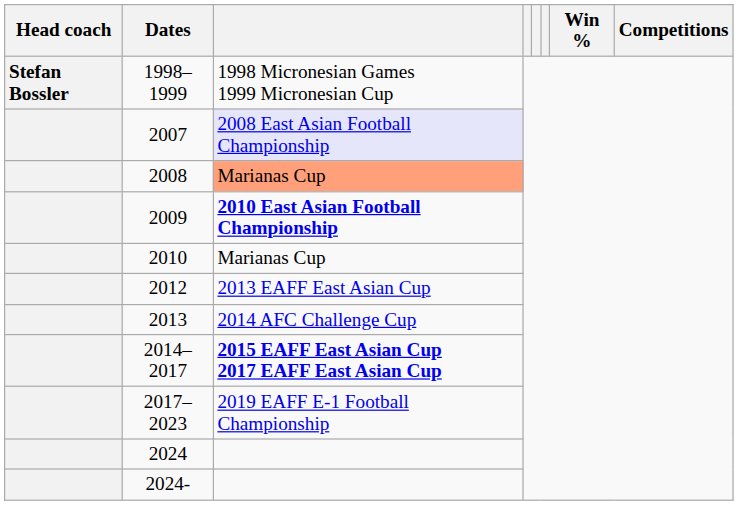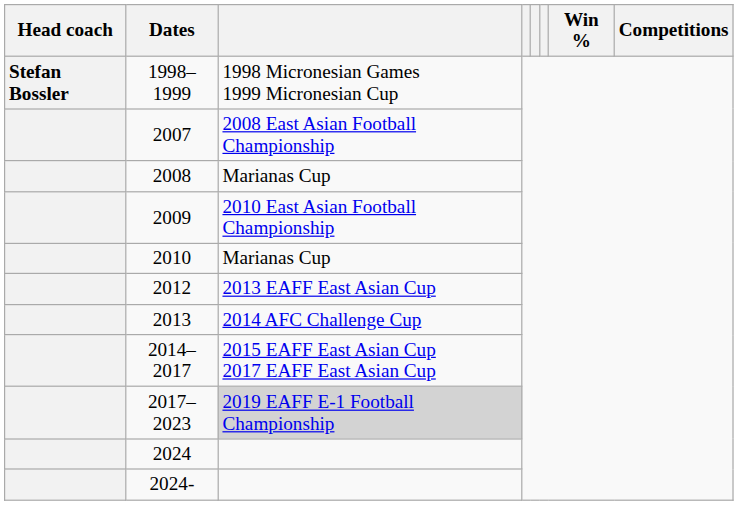 <table class="wikitable sortable plainrowheaders" style="text-align:center;">
 <tr>
 <th scope="col">Head coach</th>
 <th scope="col">Dates</th>
 <th scope="col"></th>
 <th scope="col"></th>
 <th scope="col"></th>
 <th scope="col"></th>
 <th scope="col">Win %</th>
 <th scope="col">Competitions</th>
 </tr>
 <tr>
 <th scope="row" style="text-align: left;"> Stefan Bossler</th>
 <td>1998–1999<br></td>
 <td style="text-align: left;">1998 Micronesian Games <br> 1999 Micronesian Cup</td>
 </tr>
 <tr>
 <th scope="row" style="text-align: left;"> </th>
 <td>2007<br></td>
-<td style="background: lavender; text-align: left;"><a href='#'>2008 East Asian Football Championship</a></td>
+<td style="text-align: left;"><a href='#'>2008 East Asian Football Championship</a></td>
 </tr>
 <tr>
 <th scope="row" style="text-align: left;"> </th>
 <td>2008<br></td>
-<td style="background: lightsalmon; text-align: left;">Marianas Cup</td>
+<td style="text-align: left;">Marianas Cup</td>
 </tr>
 <tr>
 <th scope="row" style="text-align: left;"> </th>
 <td>2009<br></td>
-<td style="text-align: left;"><strong><a href='#'>2010 East Asian Football Championship</a></strong></td>
+<td style="text-align: left;"><a href='#'>2010 East Asian Football Championship</a></td>
 </tr>
 <tr>
 <th scope="row" style="text-align: left;"> </th>
 <td>2010<br></td>
 <td style="text-align: left;">Marianas Cup</td>
 </tr>
 <tr>
 <th scope="row" style="text-align: left;"> </th>
 <td>2012<br></td>
 <td style="text-align: left;"><a href='#'>2013 EAFF East Asian Cup</a></td>
 </tr>
 <tr>
 <th scope="row" style="text-align: left;"> </th>
 <td>2013<br></td>
 <td style="text-align: left;"><a href='#'>2014 AFC Challenge Cup</a></td>
 </tr>
 <tr>
 <th scope="row" style="text-align: left;"> </th>
 <td>2014–2017<br></td>
-<td style="text-align: left;"><strong><a href='#'>2015 EAFF East Asian Cup</a> <br><a href='#'>2017 EAFF East Asian Cup</a></strong></td>
+<td style="text-align: left;"><a href='#'>2015 EAFF East Asian Cup</a> <br><a href='#'>2017 EAFF East Asian Cup</a></td>
 </tr>
 <tr>
 <th scope="row" style="text-align: left;"> </th>
 <td>2017–2023<br></td>
-<td style="text-align: left;"><a href='#'>2019 EAFF E-1 Football Championship</a></td>
+<td style="background: lightgrey; text-align: left;"><a href='#'>2019 EAFF E-1 Football Championship</a></td>
 </tr>
 <tr>
 <th scope="row" style="text-align: left;"> </th>
 <td>2024<br></td>
 <td style="text-align: left;"></td>
 </tr>
 <tr>
 <th scope="row" style="text-align: left;"> </th>
 <td>2024-<br></td>
 <td style="text-align: left;"></td>
 </tr>
 </table>
